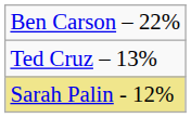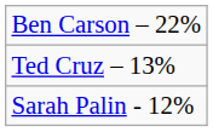 <table class="wikitable sortable">
 <tr>
 <td><a href='#'>Ben Carson</a> – 22%</td>
 </tr>
 <tr>
 <td><a href='#'>Ted Cruz</a> – 13%</td>
 </tr>
 <tr>
-<td style="background: khaki;"><a href='#'>Sarah Palin</a> - 12%</td>
+<td><a href='#'>Sarah Palin</a> - 12%</td>
 </tr>
 </table>
